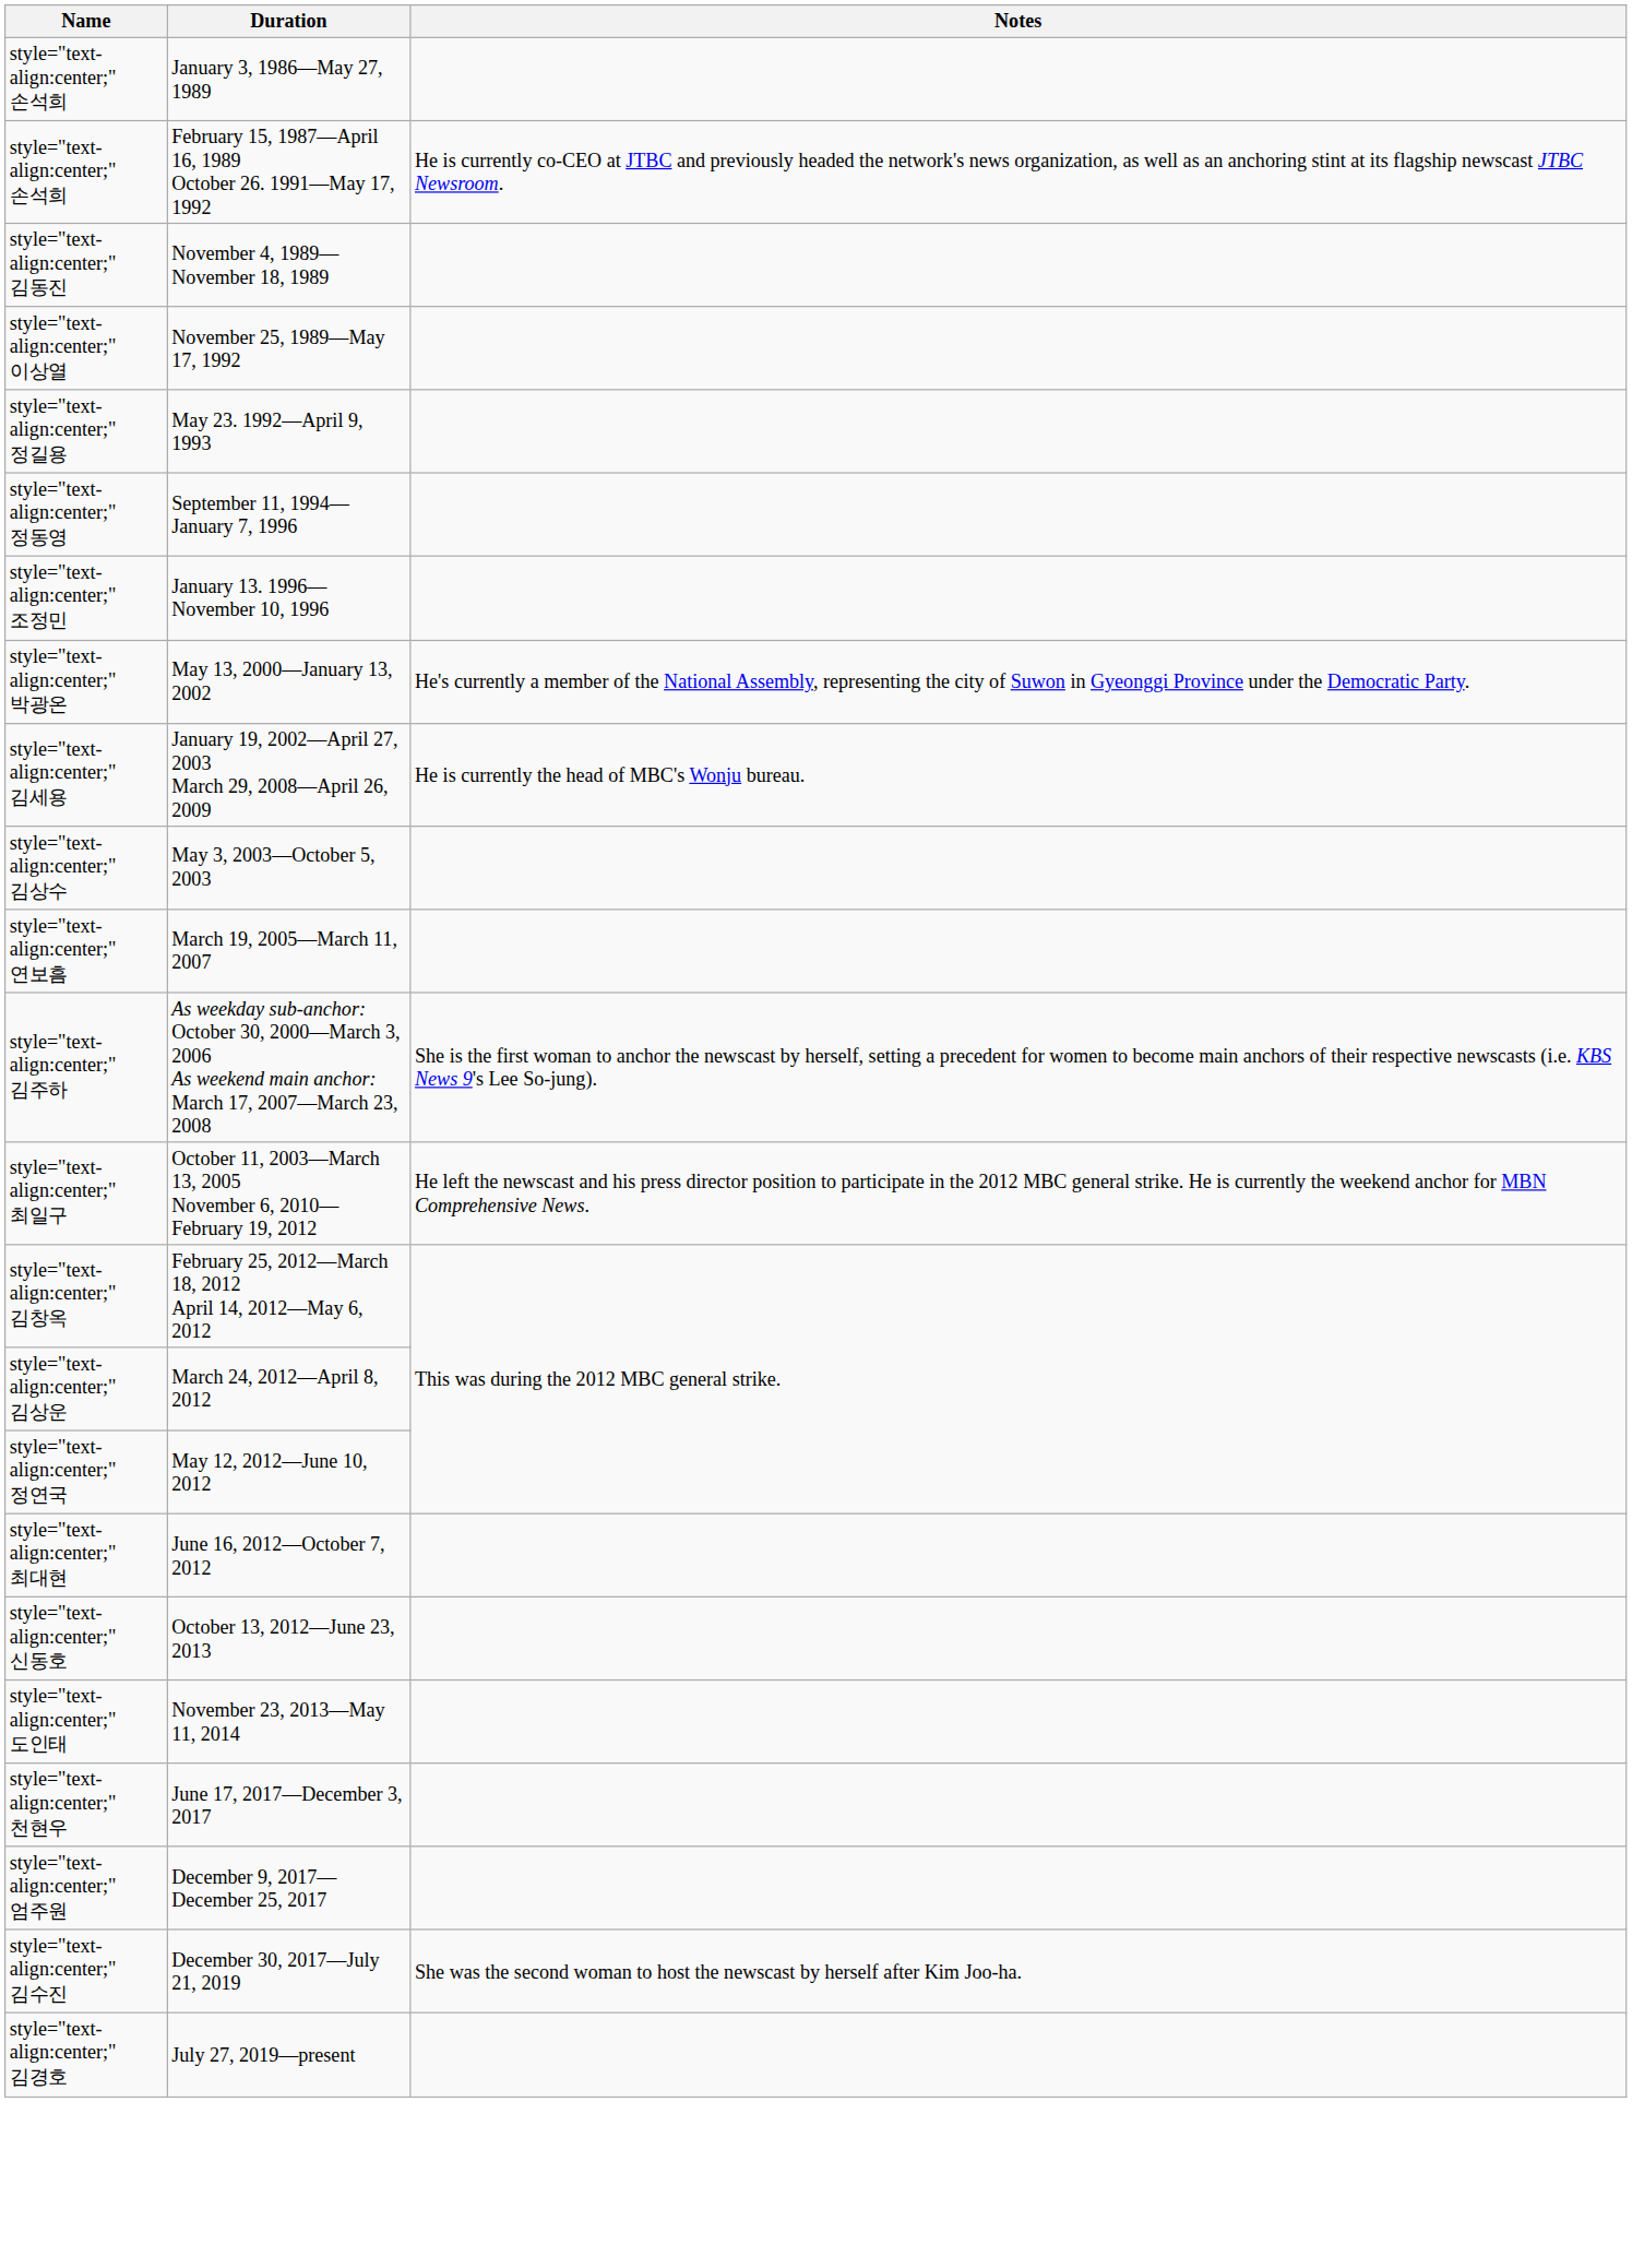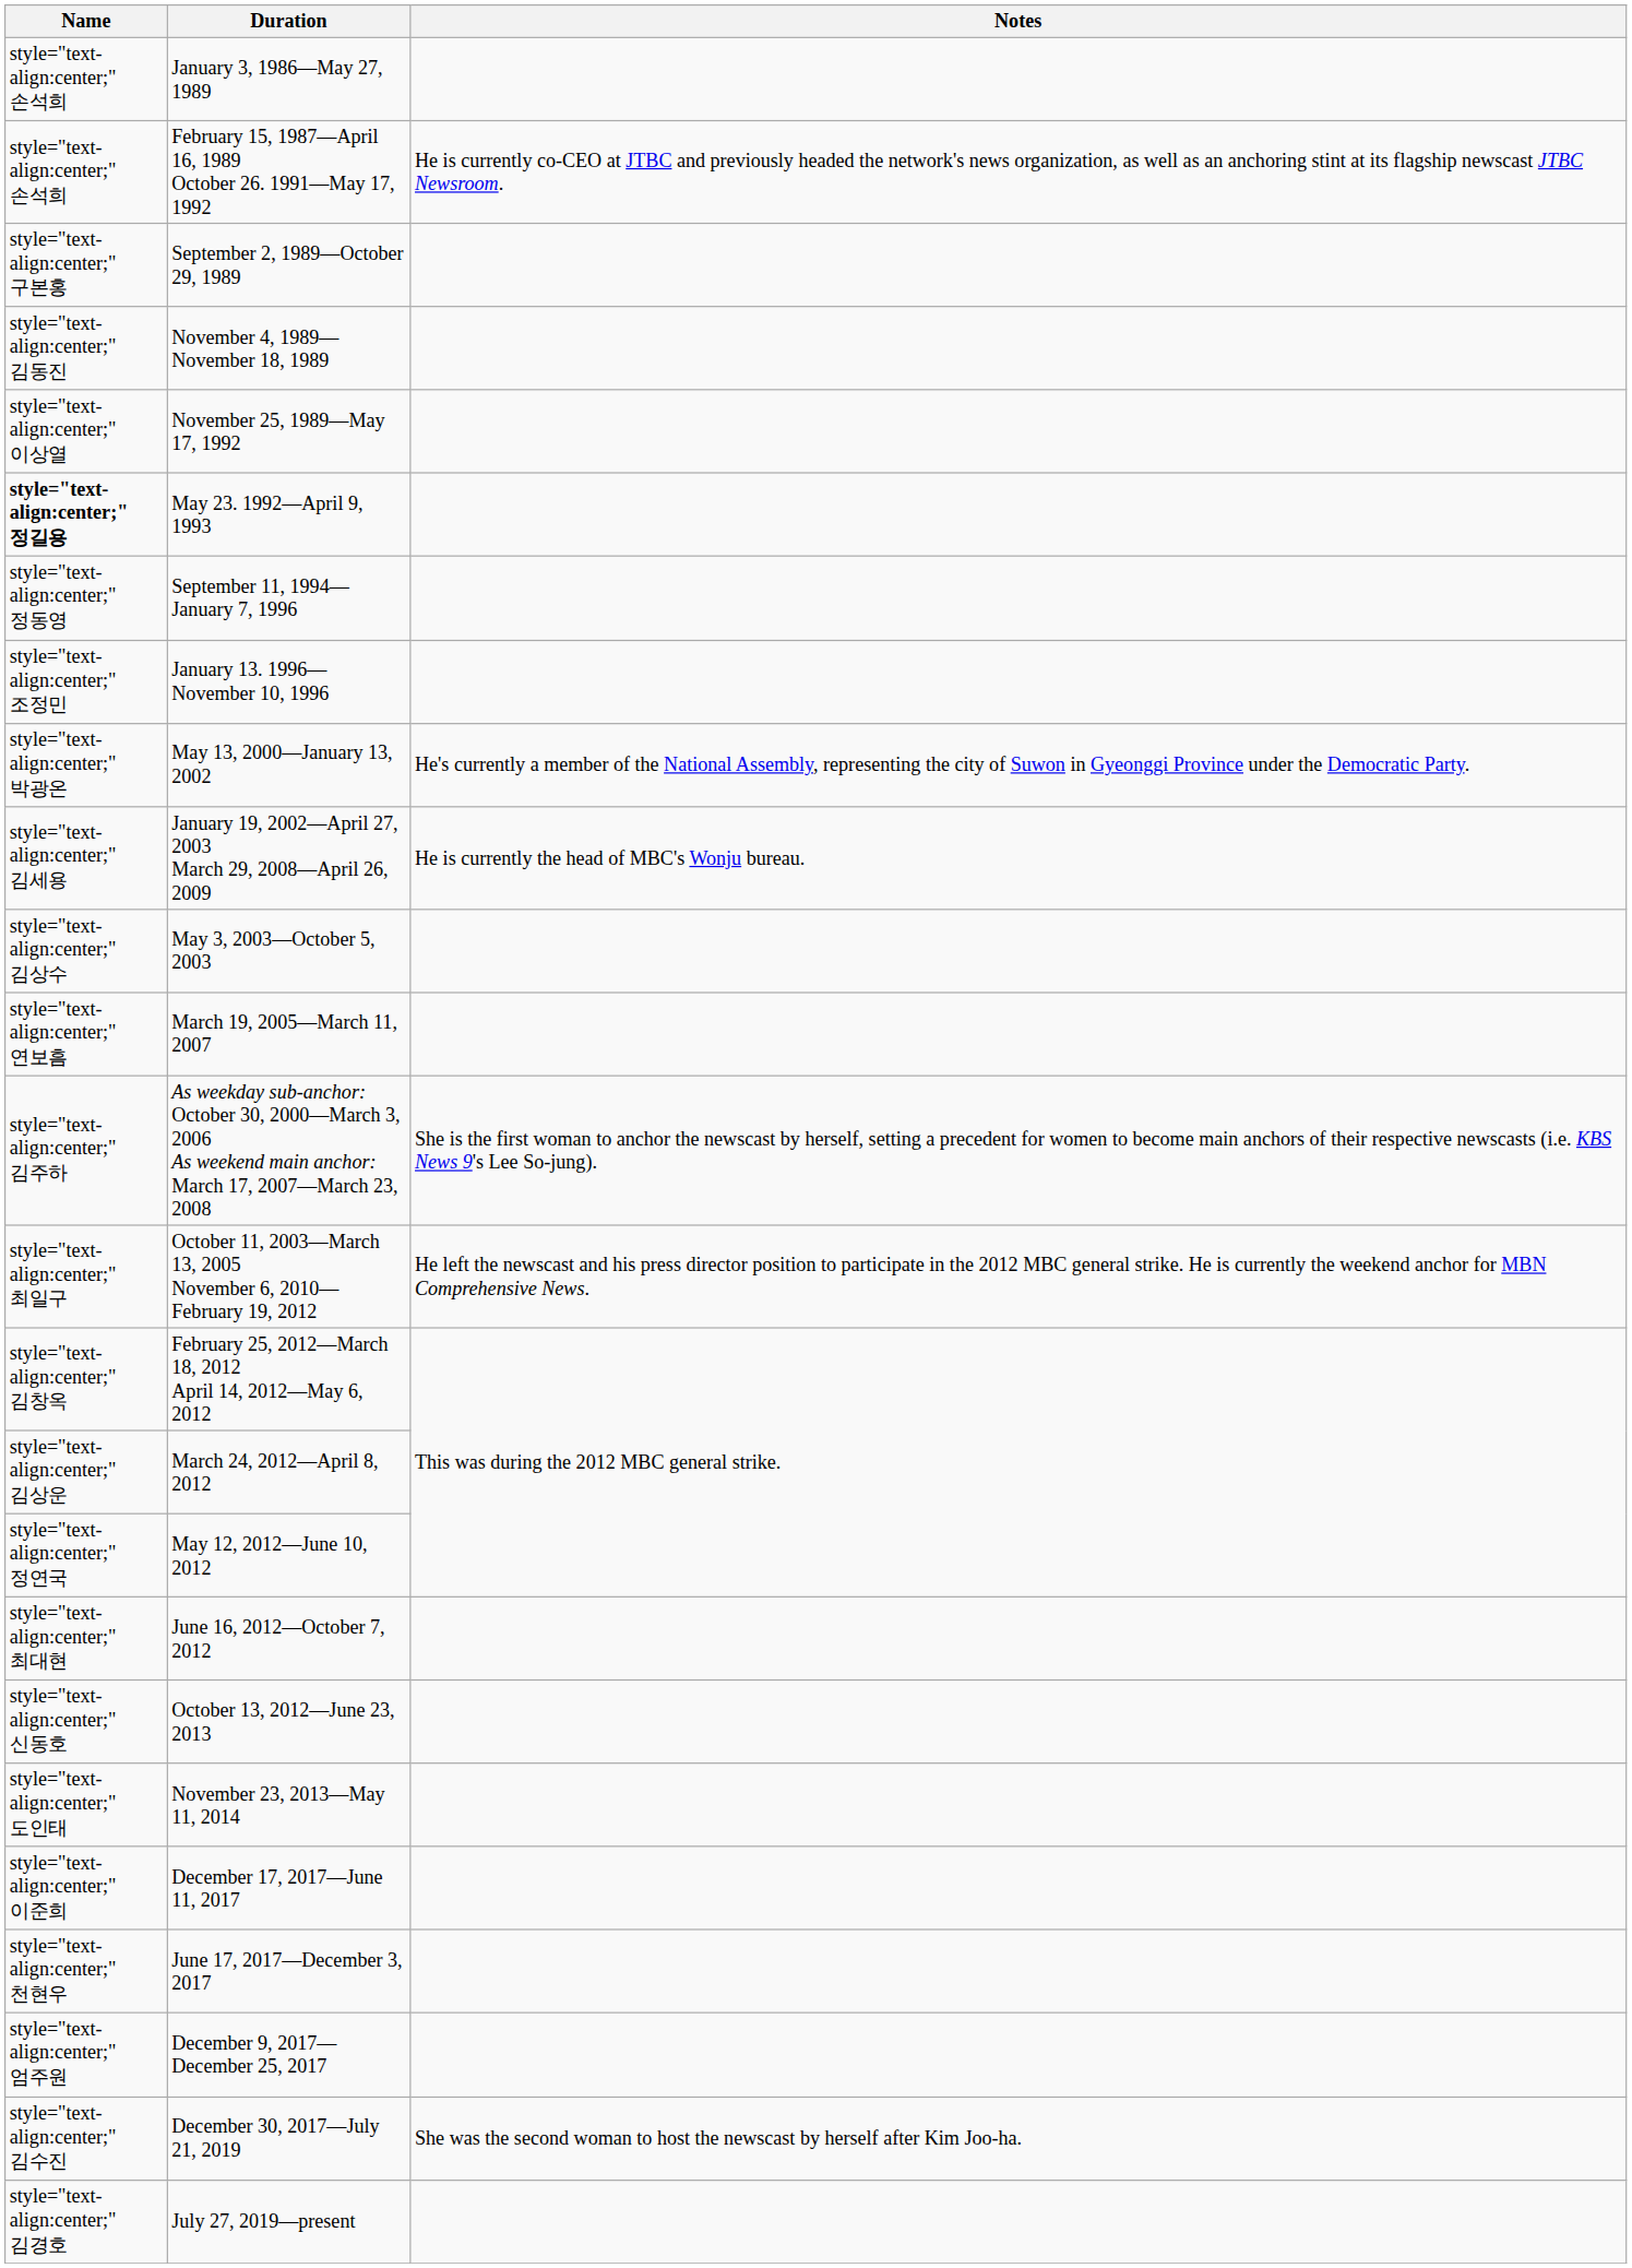 <table class="wikitable" style="font-size:95%">
 <tr>
 <th style="width:10%; text-align:center;">Name</th>
 <th style="width:15%; text-align:center;">Duration</th>
 <th>Notes</th>
 </tr>
 <tr>
 <td>style="text-align:center;" <br>손석희</td>
 <td>January 3, 1986—May 27, 1989</td>
 <td></td>
 </tr>
 <tr>
 <td>style="text-align:center;" <br>손석희</td>
 <td>February 15, 1987—April 16, 1989<br>October 26. 1991—May 17, 1992</td>
 <td>He is currently co-CEO at <a href='#'>JTBC</a> and previously headed the network's news organization, as well as an anchoring stint at its flagship newscast <em><a href='#'>JTBC Newsroom</a></em>.</td>
 </tr>
 <tr>
+<td>style="text-align:center;" <br>구본홍</td>
+<td>September 2, 1989—October 29, 1989</td>
+<td></td>
+</tr>
+<tr>
 <td>style="text-align:center;" <br>김동진</td>
 <td>November 4, 1989—November 18, 1989</td>
 <td></td>
 </tr>
 <tr>
 <td>style="text-align:center;" <br>이상열</td>
 <td>November 25, 1989—May 17, 1992</td>
 <td></td>
 </tr>
 <tr>
-<td>style="text-align:center;" <br>정길용</td>
+<td><strong>style="text-align:center;" <br>정길용</strong></td>
 <td>May 23. 1992—April 9, 1993</td>
 <td></td>
 </tr>
 <tr>
 <td>style="text-align:center;" <br>정동영</td>
 <td>September 11, 1994—January 7, 1996</td>
 <td></td>
 </tr>
 <tr>
 <td>style="text-align:center;" <br>조정민</td>
 <td>January 13. 1996—November 10, 1996</td>
 <td></td>
 </tr>
 <tr>
 <td>style="text-align:center;" <br>박광온</td>
 <td>May 13, 2000—January 13, 2002</td>
 <td>He's currently a member of the <a href='#'>National Assembly</a>, representing the city of <a href='#'>Suwon</a> in <a href='#'>Gyeonggi Province</a> under the <a href='#'>Democratic Party</a>.</td>
 </tr>
 <tr>
 <td>style="text-align:center;" <br>김세용</td>
 <td>January 19, 2002—April 27, 2003<br>March 29, 2008—April 26, 2009</td>
 <td>He is currently the head of MBC's <a href='#'>Wonju</a> bureau.</td>
 </tr>
 <tr>
 <td>style="text-align:center;" <br>김상수</td>
 <td>May 3, 2003—October 5, 2003</td>
 <td></td>
 </tr>
 <tr>
 <td>style="text-align:center;" <br>연보흠</td>
 <td>March 19, 2005—March 11, 2007</td>
 <td></td>
 </tr>
 <tr>
 <td>style="text-align:center;" <br>김주하</td>
 <td><em>As weekday sub-anchor:</em> October 30, 2000—March 3, 2006<br><em>As weekend main anchor:</em> March 17, 2007—March 23, 2008</td>
 <td>She is the first woman to anchor the newscast by herself, setting a precedent for women to become main anchors of their respective newscasts (i.e. <em><a href='#'>KBS News 9</a></em>'s Lee So-jung).</td>
 </tr>
 <tr>
 <td>style="text-align:center;" <br>최일구</td>
 <td>October 11, 2003—March 13, 2005<br>November 6, 2010—February 19, 2012</td>
 <td>He left the newscast and his press director position to participate in the 2012 MBC general strike. He is currently the weekend anchor for <a href='#'>MBN</a> <em>Comprehensive News</em>.</td>
 </tr>
 <tr>
 <td>style="text-align:center;" <br>김창옥</td>
 <td>February 25, 2012—March 18, 2012<br>April 14, 2012—May 6, 2012</td>
 <td rowspan="3">This was during the 2012 MBC general strike.</td>
 </tr>
 <tr>
 <td>style="text-align:center;" <br>김상운</td>
 <td>March 24, 2012—April 8, 2012</td>
 </tr>
 <tr>
 <td>style="text-align:center;" <br>정연국</td>
 <td>May 12, 2012—June 10, 2012</td>
 </tr>
 <tr>
 <td>style="text-align:center;" <br>최대현</td>
 <td>June 16, 2012—October 7, 2012</td>
 <td></td>
 </tr>
 <tr>
 <td>style="text-align:center;" <br>신동호</td>
 <td>October 13, 2012—June 23, 2013</td>
 <td></td>
 </tr>
 <tr>
 <td>style="text-align:center;" <br>도인태</td>
 <td>November 23, 2013—May 11, 2014</td>
 <td></td>
 </tr>
 <tr>
+<td>style="text-align:center;" <br>이준희</td>
+<td>December 17, 2017—June 11, 2017</td>
+<td></td>
+</tr>
+<tr>
 <td>style="text-align:center;" <br>천현우</td>
 <td>June 17, 2017—December 3, 2017</td>
 <td></td>
 </tr>
 <tr>
 <td>style="text-align:center;" <br>엄주원</td>
 <td>December 9, 2017—December 25, 2017</td>
 <td></td>
 </tr>
 <tr>
 <td>style="text-align:center;" <br>김수진</td>
 <td>December 30, 2017—July 21, 2019</td>
 <td>She was the second woman to host the newscast by herself after Kim Joo-ha.</td>
 </tr>
 <tr>
 <td>style="text-align:center;" <br>김경호</td>
 <td>July 27, 2019—present</td>
 <td></td>
 </tr>
 </table>
